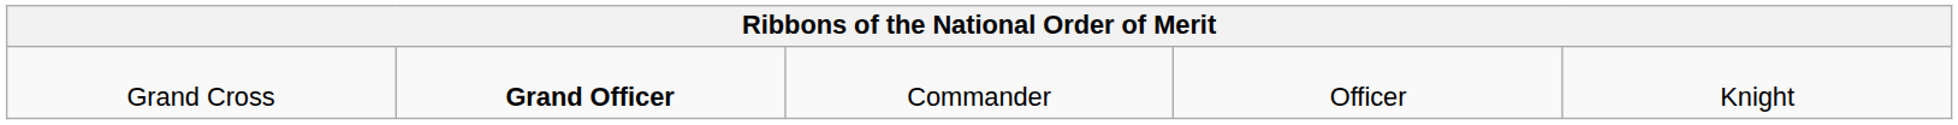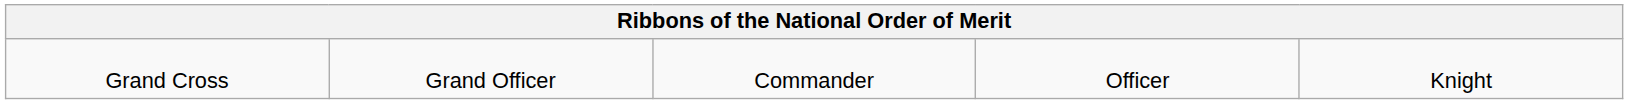 <table align=center class=wikitable width=60% style="margin:1em auto;">
 <tr>
 <th colspan=5>Ribbons of the National Order of Merit</th>
 </tr>
 <tr>
 <td width=20% valign=center align=center><br>Grand Cross</td>
-<td width=20% valign=center align=center><strong><br>Grand Officer</strong></td>
+<td width=20% valign=center align=center><br>Grand Officer</td>
 <td width=20% valign=center align=center><br>Commander</td>
 <td width=20% valign=center align=center><br>Officer</td>
 <td width=20% valign=center align=center><br>Knight</td>
 </tr>
 </table>
